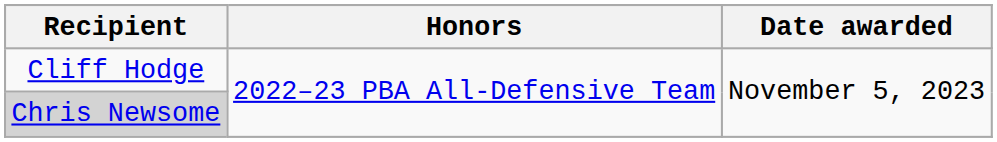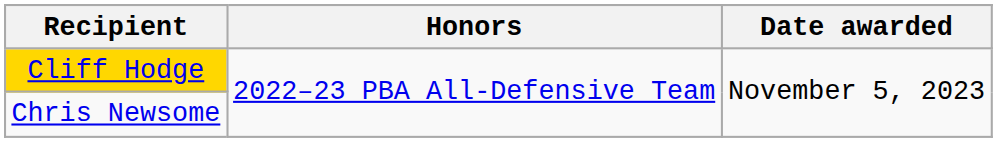 <table class="wikitable sortable sortable" style="text-align: center">
 <tr>
 <th>Recipient</th>
 <th>Honors</th>
 <th>Date awarded</th>
 </tr>
 <tr>
-<td><a href='#'>Cliff Hodge</a></td>
+<td style="background: gold;"><a href='#'>Cliff Hodge</a></td>
 <td rowspan=2><a href='#'>2022–23 PBA All-Defensive Team</a></td>
 <td rowspan=2>November 5, 2023</td>
 </tr>
 <tr>
-<td style="background: lightgrey;"><a href='#'>Chris Newsome</a></td>
+<td><a href='#'>Chris Newsome</a></td>
 </tr>
 </table>
